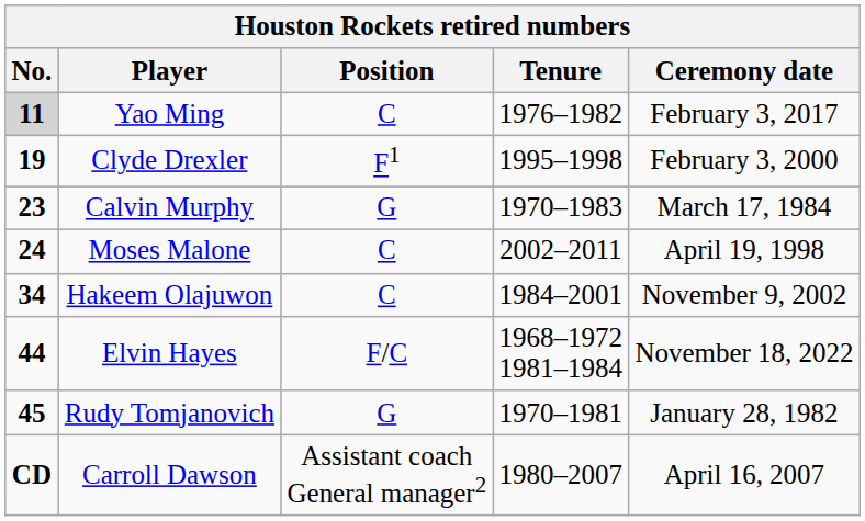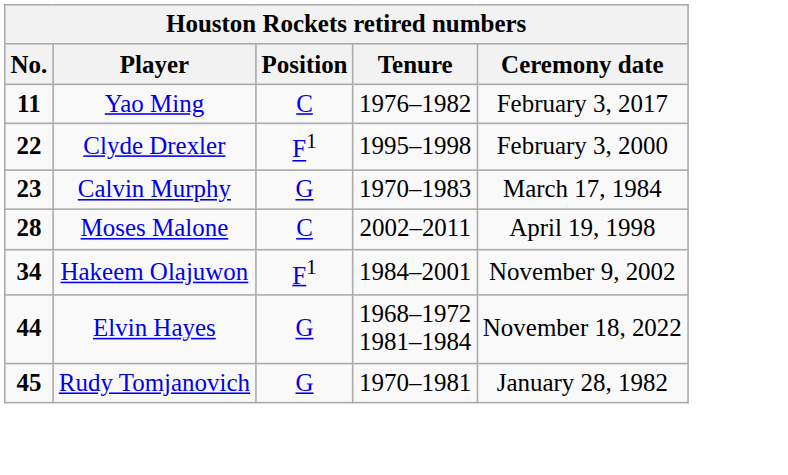 <table class="wikitable sortable" style="text-align:center">
 <tr>
 <th colspan="5">Houston Rockets retired numbers</th>
 </tr>
 <tr>
 <th>No.</th>
 <th>Player</th>
 <th>Position</th>
 <th>Tenure</th>
 <th>Ceremony date</th>
 </tr>
 <tr>
-<td style="background: lightgrey;"><strong>11</strong></td>
+<td><strong>11</strong></td>
 <td><a href='#'>Yao Ming</a></td>
 <td><a href='#'>C</a></td>
 <td>1976–1982</td>
 <td>February 3, 2017</td>
 </tr>
 <tr>
-<td><strong>19</strong></td>
+<td><strong>22</strong></td>
 <td><a href='#'>Clyde Drexler</a></td>
 <td><a href='#'>F</a><sup>1</sup></td>
 <td>1995–1998</td>
 <td>February 3, 2000</td>
 </tr>
 <tr>
 <td><strong>23</strong></td>
 <td><a href='#'>Calvin Murphy</a></td>
 <td><a href='#'>G</a></td>
 <td>1970–1983</td>
 <td>March 17, 1984</td>
 </tr>
 <tr>
-<td><strong>24</strong></td>
+<td><strong>28</strong></td>
 <td><a href='#'>Moses Malone</a></td>
 <td><a href='#'>C</a></td>
 <td>2002–2011</td>
 <td>April 19, 1998</td>
 </tr>
 <tr>
 <td><strong>34</strong></td>
 <td><a href='#'>Hakeem Olajuwon</a></td>
-<td><a href='#'>C</a></td>
+<td><a href='#'>F</a><sup>1</sup></td>
 <td>1984–2001</td>
 <td>November 9, 2002</td>
 </tr>
 <tr>
 <td><strong>44</strong></td>
 <td><a href='#'>Elvin Hayes</a></td>
-<td><a href='#'>F</a>/<a href='#'>C</a></td>
+<td><a href='#'>G</a></td>
 <td>1968–1972<br>1981–1984</td>
 <td>November 18, 2022</td>
 </tr>
 <tr>
 <td><strong>45</strong></td>
 <td><a href='#'>Rudy Tomjanovich</a></td>
 <td><a href='#'>G</a></td>
 <td>1970–1981</td>
 <td>January 28, 1982</td>
 </tr>
-<tr>
-<td><strong>CD</strong></td>
-<td><a href='#'>Carroll Dawson</a></td>
-<td>Assistant coach<br>General manager<sup>2</sup></td>
-<td>1980–2007</td>
-<td>April 16, 2007</td>
-</tr>
 </table>
